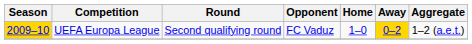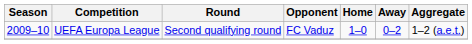 <table class="wikitable">
 <tr>
 <th>Season</th>
 <th>Competition</th>
 <th>Round</th>
 <th>Opponent</th>
 <th>Home</th>
 <th>Away</th>
 <th>Aggregate</th>
 </tr>
 <tr>
-<td style="background: gold;"><a href='#'>2009–10</a></td>
+<td><a href='#'>2009–10</a></td>
 <td><a href='#'>UEFA Europa League</a></td>
 <td><a href='#'>Second qualifying round</a></td>
 <td> <a href='#'>FC Vaduz</a></td>
 <td align="center"><a href='#'>1–0</a></td>
-<td align="center" style="background: gold;"><a href='#'>0–2</a></td>
+<td align="center"><a href='#'>0–2</a></td>
 <td align="center">1–2 (<a href='#'>a.e.t.</a>)</td>
 </tr>
 <tr>
 </tr>
 </table>
